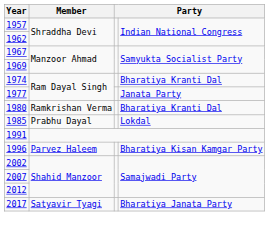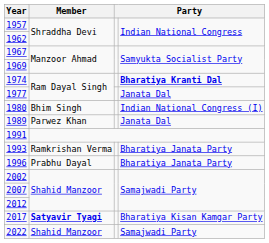 <table class="wikitable">
 <tr>
 <th>Year</th>
 <th>Member</th>
 <th colspan="2">Party</th>
 </tr>
 <tr>
 <td><a href='#'>1957</a></td>
 <td rowspan="2">Shraddha Devi</td>
 <td rowspan="2" style="background-color: "></td>
 <td rowspan="2"><a href='#'>Indian National Congress</a></td>
 </tr>
 <tr>
 <td><a href='#'>1962</a></td>
 </tr>
 <tr>
 <td><a href='#'>1967</a></td>
 <td rowspan="2">Manzoor Ahmad</td>
 <td rowspan="2" style="background-color: "></td>
 <td rowspan="2"><a href='#'>Samyukta Socialist Party</a></td>
 </tr>
 <tr>
 <td><a href='#'>1969</a></td>
 </tr>
 <tr>
 <td><a href='#'>1974</a></td>
 <td rowspan="2">Ram Dayal Singh</td>
 <td style="background-color: "></td>
-<td><a href='#'>Bharatiya Kranti Dal</a></td>
+<td><strong><a href='#'>Bharatiya Kranti Dal</a></strong></td>
 </tr>
 <tr>
 <td><a href='#'>1977</a></td>
 <td style="background-color: "></td>
-<td><a href='#'>Janata Party</a></td>
+<td><a href='#'>Janata Dal</a></td>
 </tr>
 <tr>
 <td><a href='#'>1980</a></td>
-<td>Ramkrishan Verma</td>
+<td>Bhim Singh</td>
 <td style="background-color: "></td>
-<td><a href='#'>Bharatiya Kranti Dal</a></td>
+<td><a href='#'>Indian National Congress (I)</a></td>
 </tr>
 <tr>
-<td><a href='#'>1985</a></td>
-<td>Prabhu Dayal</td>
+<td><a href='#'>1989</a></td>
+<td>Parwez Khan</td>
 <td style="background-color: "></td>
-<td><a href='#'>Lokdal</a></td>
+<td><a href='#'>Janata Dal</a></td>
 </tr>
 <tr>
 <td><a href='#'>1991</a></td>
 <td colspan="3"></td>
 </tr>
 <tr>
+<td><a href='#'>1993</a></td>
+<td>Ramkrishan Verma</td>
+<td style="background-color: "></td>
+<td><a href='#'>Bharatiya Janata Party</a></td>
+</tr>
+<tr>
 <td><a href='#'>1996</a></td>
-<td><a href='#'>Parvez Haleem</a></td>
+<td>Prabhu Dayal</td>
 <td></td>
-<td><a href='#'>Bharatiya Kisan Kamgar Party</a></td>
+<td><a href='#'>Bharatiya Janata Party</a></td>
 </tr>
 <tr>
 <td><a href='#'>2002</a></td>
 <td rowspan="3"><a href='#'>Shahid Manzoor</a></td>
 <td rowspan="3" style="background-color: "></td>
 <td rowspan="3"><a href='#'>Samajwadi Party</a></td>
 </tr>
 <tr>
 <td><a href='#'>2007</a></td>
 </tr>
 <tr>
 <td><a href='#'>2012</a></td>
 </tr>
 <tr>
 <td><a href='#'>2017</a></td>
-<td><a href='#'>Satyavir Tyagi</a></td>
+<td><strong><a href='#'>Satyavir Tyagi</a></strong></td>
 <td style="background-color: "></td>
-<td><a href='#'>Bharatiya Janata Party</a></td>
+<td><a href='#'>Bharatiya Kisan Kamgar Party</a></td>
+</tr>
+<tr>
+<td><a href='#'>2022</a></td>
+<td><a href='#'>Shahid Manzoor</a></td>
+<td style="background-color: "></td>
+<td><a href='#'>Samajwadi Party</a></td>
 </tr>
 </table>
